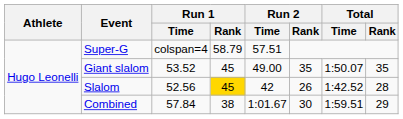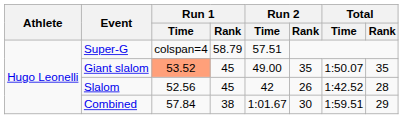 <table class="wikitable" style="font-size:90%">
 <tr>
 <th rowspan=2>Athlete</th>
 <th rowspan=2>Event</th>
 <th colspan=2>Run 1</th>
 <th colspan=2>Run 2</th>
 <th colspan=2>Total</th>
 </tr>
 <tr style="font-size:95%">
 <th>Time</th>
 <th>Rank</th>
 <th>Time</th>
 <th>Rank</th>
 <th>Time</th>
 <th>Rank</th>
 </tr>
 <tr align=center>
 <td align="left" rowspan="4"><a href='#'>Hugo Leonelli</a></td>
 <td align="left"><a href='#'>Super-G</a></td>
 <td>colspan=4 </td>
 <td>58.79</td>
 <td>57.51</td>
 </tr>
 <tr align=center>
 <td align="left"><a href='#'>Giant slalom</a></td>
-<td>53.52</td>
+<td style="background: lightsalmon;">53.52</td>
 <td>45</td>
 <td>49.00</td>
 <td>35</td>
 <td>1:50.07</td>
 <td>35</td>
 </tr>
 <tr align=center>
 <td align="left"><a href='#'>Slalom</a></td>
 <td>52.56</td>
-<td style="background: gold;">45</td>
+<td>45</td>
 <td>42</td>
 <td>26</td>
 <td>1:42.52</td>
 <td>28</td>
 </tr>
 <tr align=center>
 <td align="left"><a href='#'>Combined</a></td>
 <td>57.84</td>
 <td>38</td>
 <td>1:01.67</td>
 <td>30</td>
 <td>1:59.51</td>
 <td>29</td>
 </tr>
 </table>
